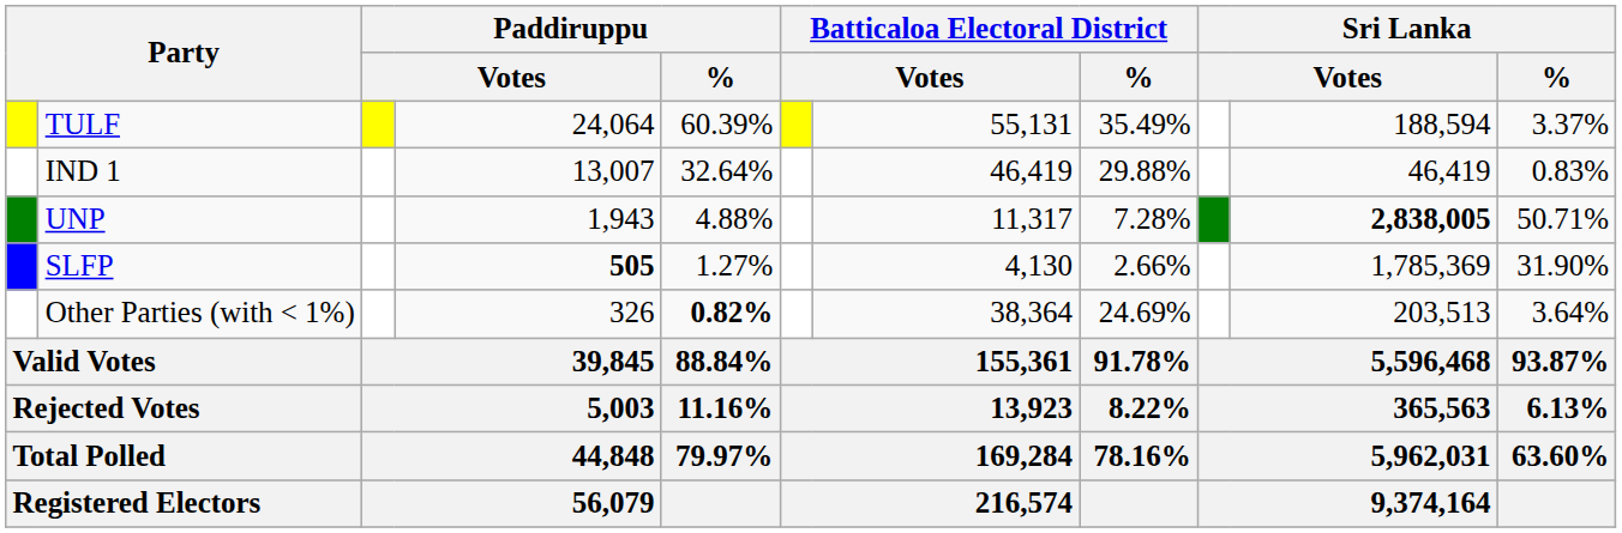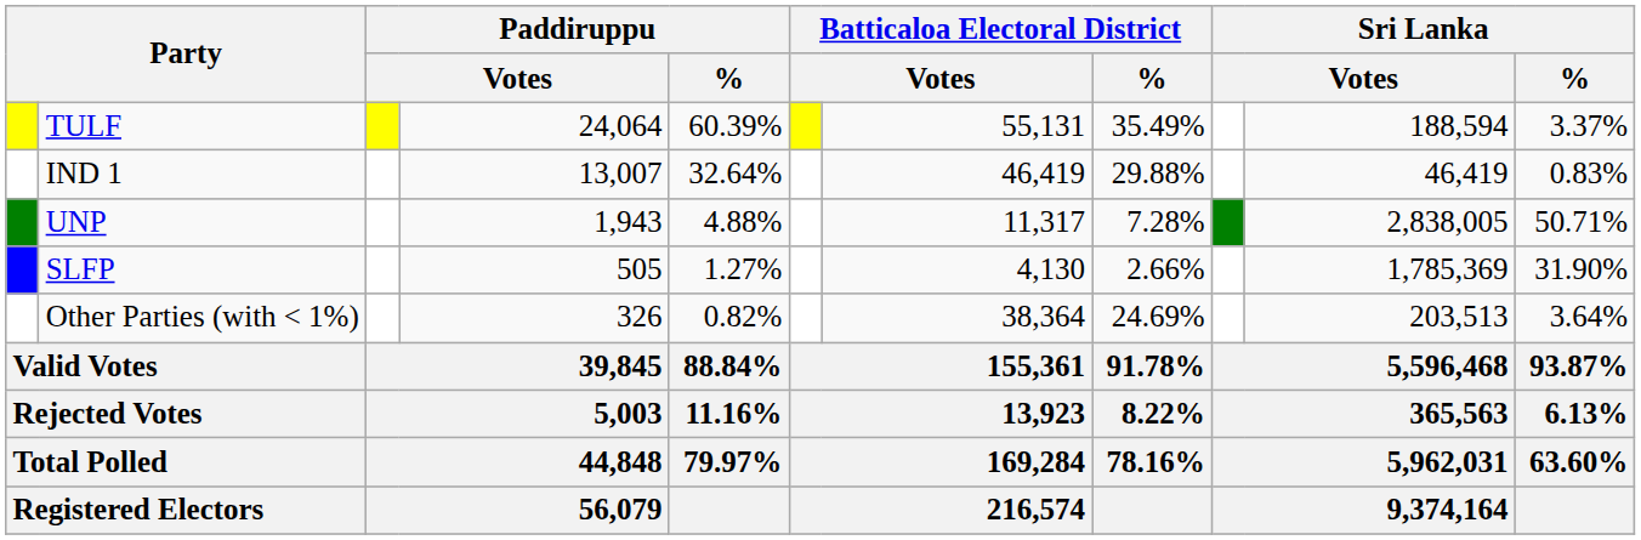 <table class="wikitable">
 <tr>
 <th colspan="2" width="144px"rowspan="2">Party</th>
 <th colspan="3" width="216px">Paddiruppu</th>
 <th colspan="3" width="216px"><a href='#'>Batticaloa Electoral District</a></th>
 <th colspan="3" width="216px">Sri Lanka</th>
 </tr>
 <tr>
 <th colspan="2" width="144px">Votes</th>
 <th>%</th>
 <th colspan="2" width="144px">Votes</th>
 <th>%</th>
 <th colspan="2" width="144px">Votes</th>
 <th>%</th>
 </tr>
 <tr>
 <td style="background-color:yellow;" width="10px"></td>
 <td style="text-align:left;"><a href='#'>TULF</a></td>
 <td style="background-color:yellow;" width="10px"></td>
 <td style="text-align:right;">24,064</td>
 <td style="text-align:right;">60.39%</td>
 <td style="background-color:yellow;" width="10px"></td>
 <td style="text-align:right;">55,131</td>
 <td style="text-align:right;">35.49%</td>
 <td style="background-color:white;" width="10px"></td>
 <td style="text-align:right;">188,594</td>
 <td style="text-align:right;">3.37%</td>
 </tr>
 <tr>
 <td style="background-color:white;" width="10px"></td>
 <td style="text-align:left;">IND 1</td>
 <td style="background-color:white;" width="10px"></td>
 <td style="text-align:right;">13,007</td>
 <td style="text-align:right;">32.64%</td>
 <td style="background-color:white;" width="10px"></td>
 <td style="text-align:right;">46,419</td>
 <td style="text-align:right;">29.88%</td>
 <td style="background-color:white;" width="10px"></td>
 <td style="text-align:right;">46,419</td>
 <td style="text-align:right;">0.83%</td>
 </tr>
 <tr>
 <td style="background-color:green;" width="10px"></td>
 <td style="text-align:left;"><a href='#'>UNP</a></td>
 <td style="background-color:white;" width="10px"></td>
 <td style="text-align:right;">1,943</td>
 <td style="text-align:right;">4.88%</td>
 <td style="background-color:white;" width="10px"></td>
 <td style="text-align:right;">11,317</td>
 <td style="text-align:right;">7.28%</td>
 <td style="background-color:green;" width="10px"></td>
-<td style="text-align:right;"><strong>2,838,005</strong></td>
+<td style="text-align:right;">2,838,005</td>
 <td style="text-align:right;">50.71%</td>
 </tr>
 <tr>
 <td style="background-color:blue;" width="10px"></td>
 <td style="text-align:left;"><a href='#'>SLFP</a></td>
 <td style="background-color:white;" width="10px"></td>
-<td style="text-align:right;"><strong>505</strong></td>
+<td style="text-align:right;">505</td>
 <td style="text-align:right;">1.27%</td>
 <td style="background-color:white;" width="10px"></td>
 <td style="text-align:right;">4,130</td>
 <td style="text-align:right;">2.66%</td>
 <td style="background-color:white;" width="10px"></td>
 <td style="text-align:right;">1,785,369</td>
 <td style="text-align:right;">31.90%</td>
 </tr>
 <tr>
 <td style="background-color:white;" width="10px"></td>
 <td style="text-align:left;">Other Parties (with < 1%)</td>
 <td style="background-color:white;" width="10px"></td>
 <td style="text-align:right;">326</td>
-<td style="text-align:right;"><strong>0.82%</strong></td>
+<td style="text-align:right;">0.82%</td>
 <td style="background-color:white;" width="10px"></td>
 <td style="text-align:right;">38,364</td>
 <td style="text-align:right;">24.69%</td>
 <td style="background-color:white;" width="10px"></td>
 <td style="text-align:right;">203,513</td>
 <td style="text-align:right;">3.64%</td>
 </tr>
 <tr>
 <th colspan="2" width="144px"style="text-align:left;">Valid Votes</th>
 <th style="text-align:right;"colspan="2" width="144px">39,845</th>
 <th style="text-align:right;">88.84%</th>
 <th style="text-align:right;"colspan="2" width="144px">155,361</th>
 <th style="text-align:right;">91.78%</th>
 <th style="text-align:right;"colspan="2" width="144px">5,596,468</th>
 <th style="text-align:right;">93.87%</th>
 </tr>
 <tr>
 <th colspan="2" width="144px"style="text-align:left;">Rejected Votes</th>
 <th style="text-align:right;"colspan="2" width="144px">5,003</th>
 <th style="text-align:right;">11.16%</th>
 <th style="text-align:right;"colspan="2" width="144px">13,923</th>
 <th style="text-align:right;">8.22%</th>
 <th style="text-align:right;"colspan="2" width="144px">365,563</th>
 <th style="text-align:right;">6.13%</th>
 </tr>
 <tr>
 <th colspan="2" width="144px"style="text-align:left;">Total Polled</th>
 <th style="text-align:right;"colspan="2" width="144px">44,848</th>
 <th style="text-align:right;">79.97%</th>
 <th style="text-align:right;"colspan="2" width="144px">169,284</th>
 <th style="text-align:right;">78.16%</th>
 <th style="text-align:right;"colspan="2" width="144px">5,962,031</th>
 <th style="text-align:right;">63.60%</th>
 </tr>
 <tr>
 <th colspan="2" width="144px"style="text-align:left;">Registered Electors</th>
 <th style="text-align:right;"colspan="2" width="144px">56,079</th>
 <th></th>
 <th style="text-align:right;"colspan="2" width="144px">216,574</th>
 <th></th>
 <th style="text-align:right;"colspan="2" width="144px">9,374,164</th>
 <th></th>
 </tr>
 </table>
